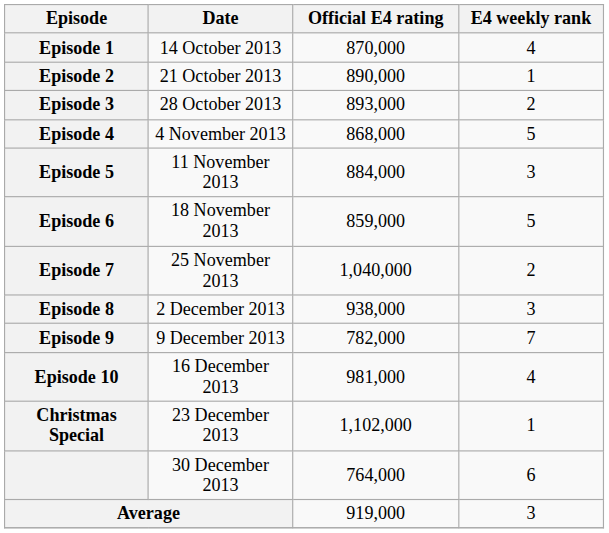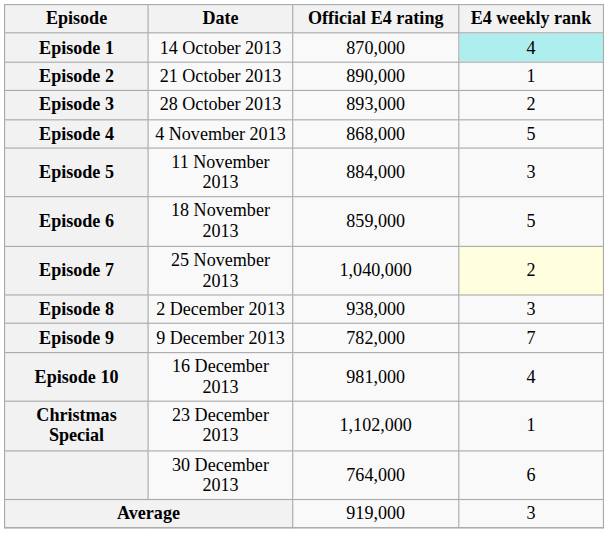 <table class="wikitable sortable" style="text-align:center">
 <tr>
 <th scope="col" style="width:120px;">Episode</th>
 <th scope="col" style="width:120px;">Date</th>
 <th scope="col" style="width:140px;">Official E4 rating</th>
 <th scope="col" style="width:120px;">E4 weekly rank</th>
 </tr>
 <tr>
 <th scope="row">Episode 1</th>
 <td>14 October 2013</td>
 <td>870,000</td>
-<td>4</td>
+<td style="background: paleturquoise;">4</td>
 </tr>
 <tr>
 <th scope="row">Episode 2</th>
 <td>21 October 2013</td>
 <td>890,000</td>
 <td>1</td>
 </tr>
 <tr>
 <th scope="row">Episode 3</th>
 <td>28 October 2013</td>
 <td>893,000</td>
 <td>2</td>
 </tr>
 <tr>
 <th scope="row">Episode 4</th>
 <td>4 November 2013</td>
 <td>868,000</td>
 <td>5</td>
 </tr>
 <tr>
 <th scope="row">Episode 5</th>
 <td>11 November 2013</td>
 <td>884,000</td>
 <td>3</td>
 </tr>
 <tr>
 <th scope="row">Episode 6</th>
 <td>18 November 2013</td>
 <td>859,000</td>
 <td>5</td>
 </tr>
 <tr>
 <th scope="row">Episode 7</th>
 <td>25 November 2013</td>
 <td>1,040,000</td>
-<td>2</td>
+<td style="background: lightyellow;">2</td>
 </tr>
 <tr>
 <th scope="row">Episode 8</th>
 <td>2 December 2013</td>
 <td>938,000</td>
 <td>3</td>
 </tr>
 <tr>
 <th scope="row">Episode 9</th>
 <td>9 December 2013</td>
 <td>782,000</td>
 <td>7</td>
 </tr>
 <tr>
 <th scope="row">Episode 10</th>
 <td>16 December 2013</td>
 <td>981,000</td>
 <td>4</td>
 </tr>
 <tr>
 <th scope="row">Christmas Special</th>
 <td>23 December 2013</td>
 <td>1,102,000</td>
 <td>1</td>
 </tr>
 <tr>
 <th scope="row"></th>
 <td>30 December 2013</td>
 <td>764,000</td>
 <td>6</td>
 </tr>
 <tr>
 <th scope="row" colspan="2">Average</th>
 <td>919,000</td>
 <td>3</td>
 </tr>
 <tr>
 </tr>
 </table>
